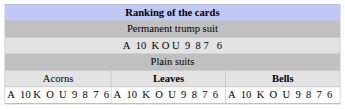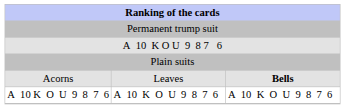 <table cellpadding="3" style="background: #c0c0c0; margin-left: 1em; border-spacing: 1px;">
 <tr align="center">
 <td style="background: #c0c8f8;" colspan="4" width="480"><strong>Ranking of the cards</strong></td>
 </tr>
 <tr align="center">
 <td colspan="4">Permanent trump suit</td>
 </tr>
 <tr align="center">
 <td colspan="4" style="background: #e3e3e3;">A  10  K O U  9  8 7   6</td>
 </tr>
 <tr align="center">
 <td colspan="4">Plain suits</td>
 </tr>
 <tr align="center">
 <td style="background: #e3e3e3;">Acorns</td>
-<td style="background: #e3e3e3;"><strong>Leaves</strong></td>
+<td style="background: #e3e3e3;">Leaves</td>
 <td style="background: #e3e3e3;"><strong>Bells</strong></td>
 </tr>
 <tr align="center">
 <td style="background: #ffffff;">A  10 K  O  U  9  8  7  6</td>
 <td style="background: #ffffff;">A  10  K  O  U  9  8  7  6  </td>
 <td style="background: #ffffff;">A  10  K  O  U  9  8  7  6  </td>
 </tr>
 <tr align="center">
 </tr>
 </table>
